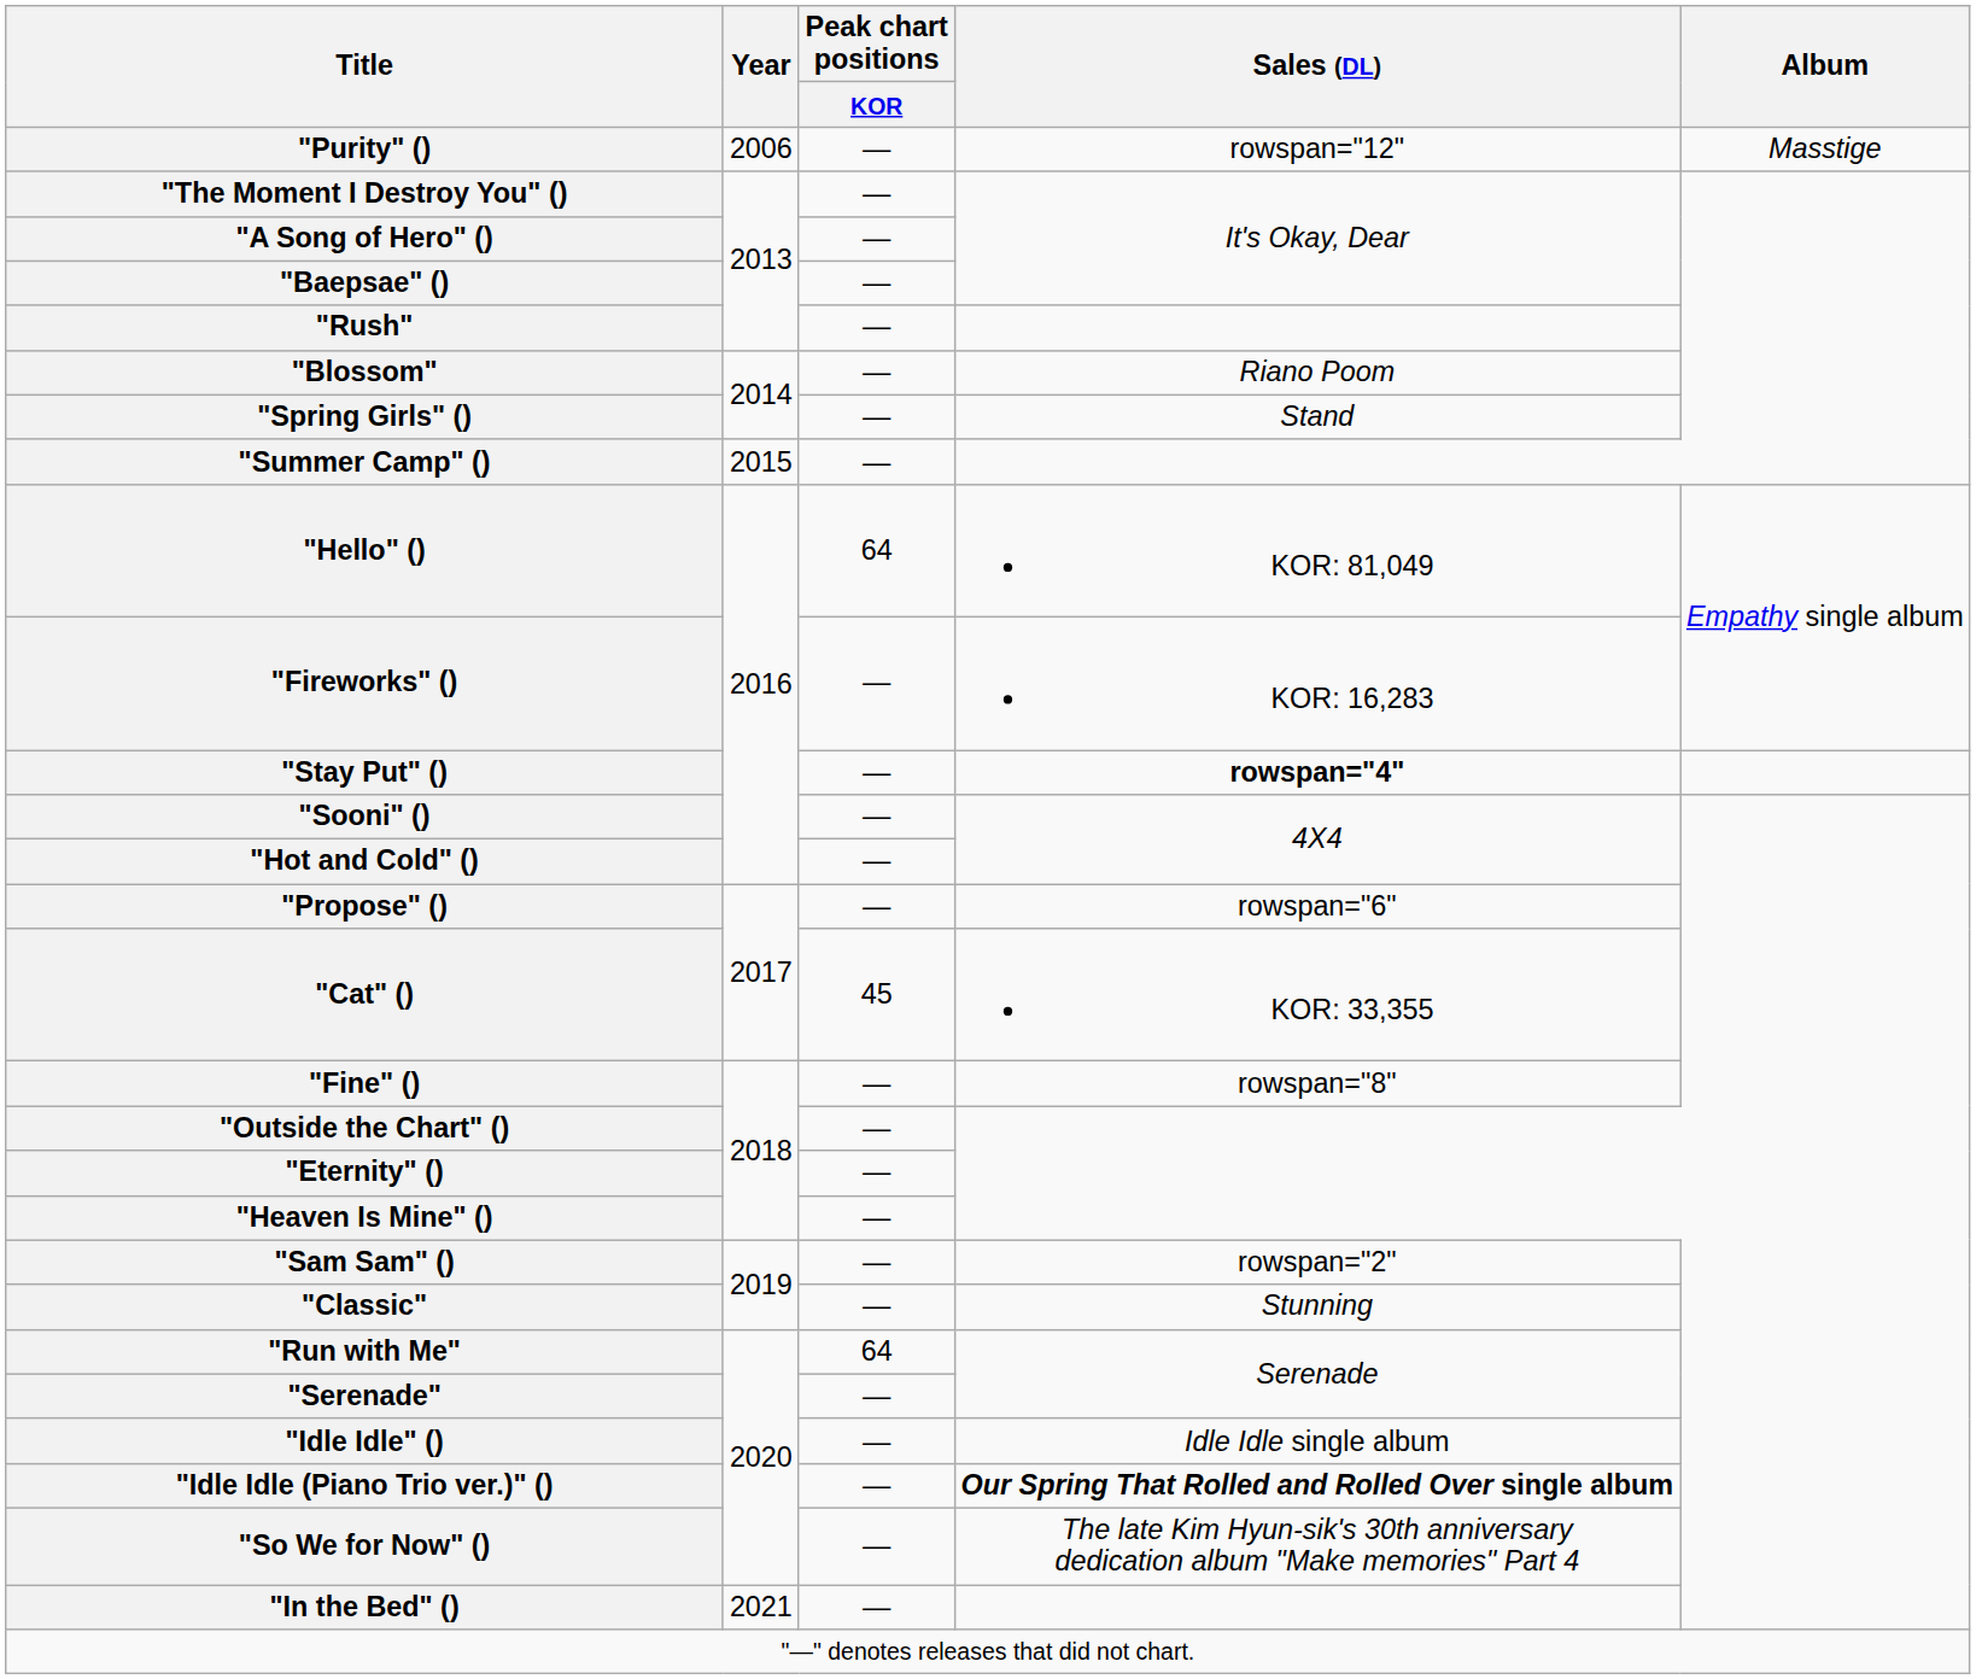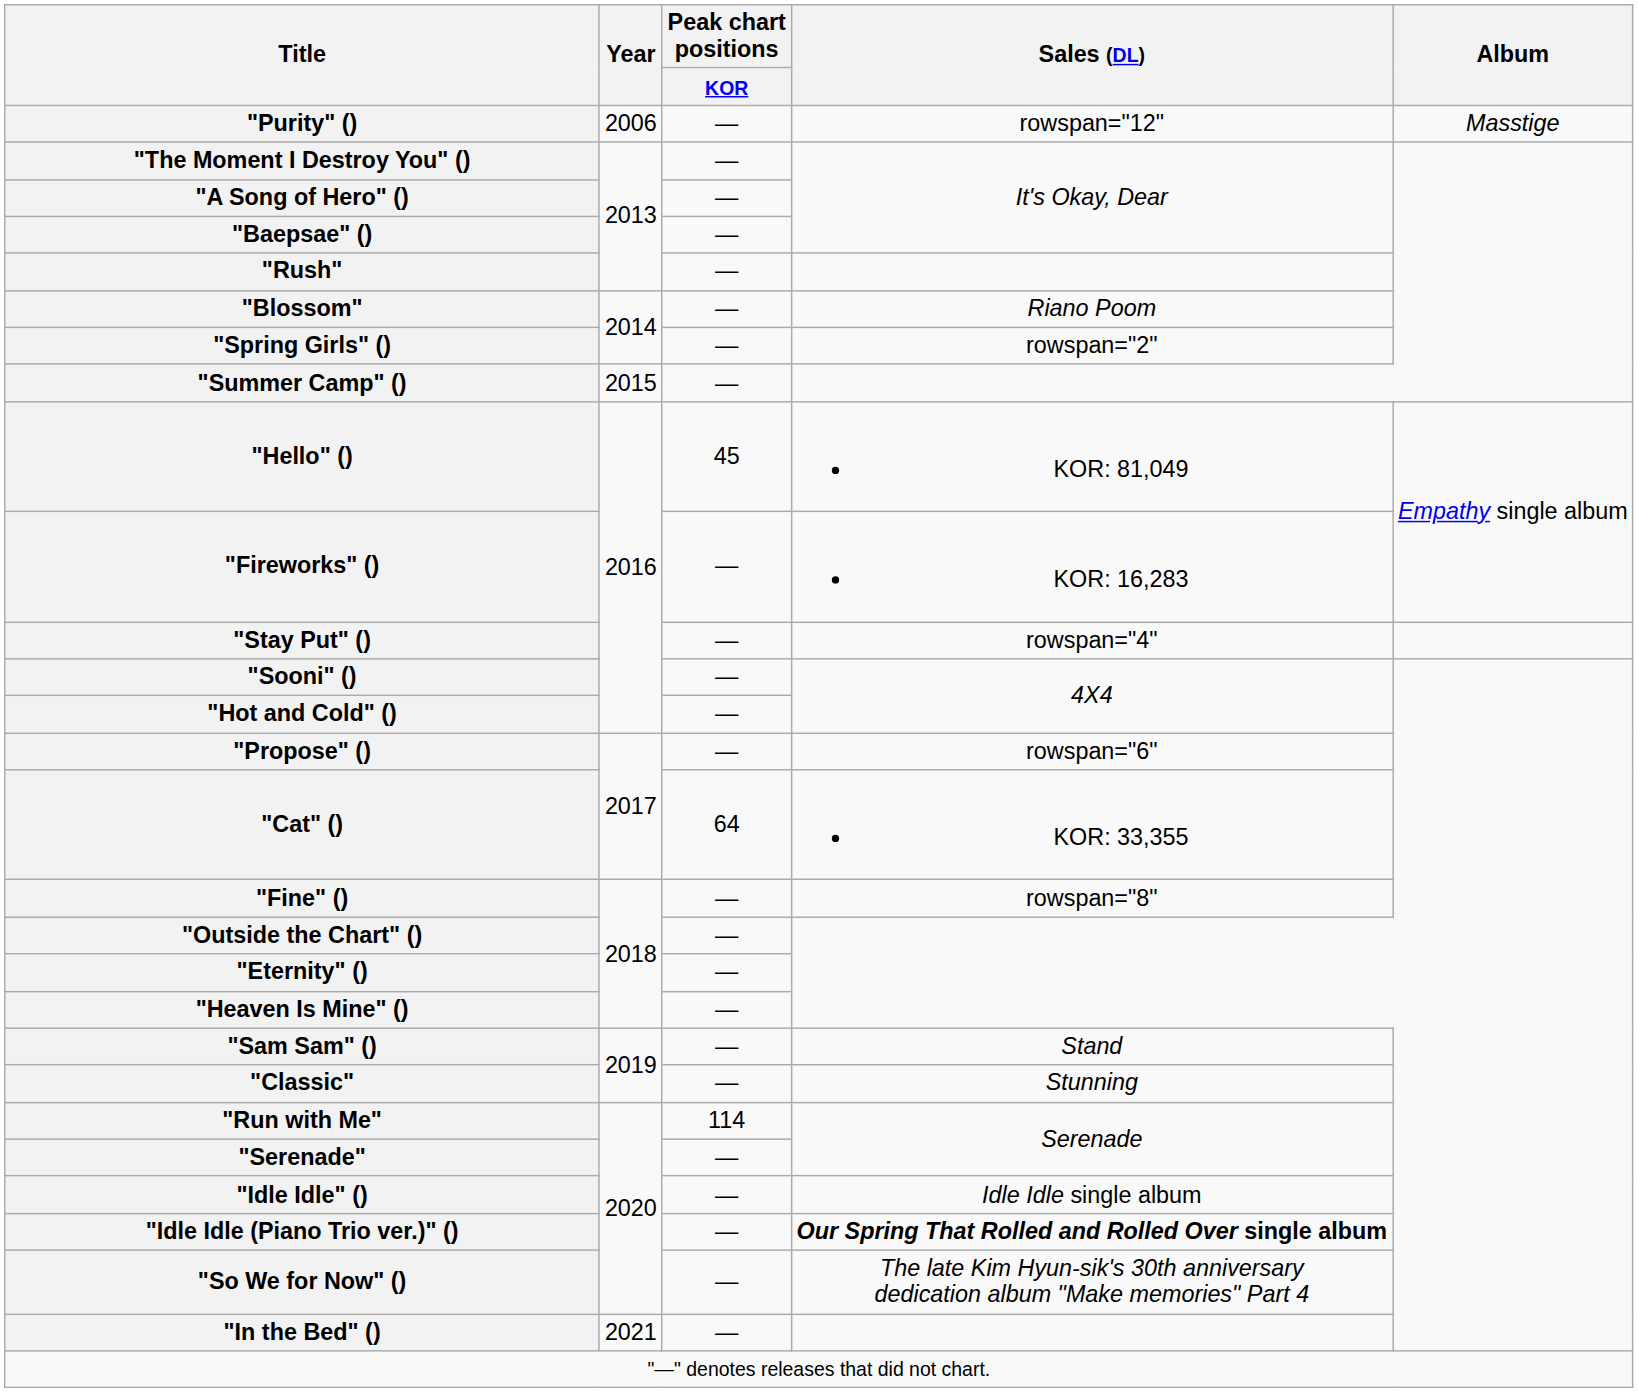 <table class="wikitable plainrowheaders" style="text-align:center;">
 <tr>
 <th scope="col" rowspan="2" style="width:25em;">Title</th>
 <th scope="col" rowspan="2">Year</th>
 <th scope="col" colspan="1">Peak chart <br> positions</th>
 <th scope="col" rowspan="2">Sales <small>(<a href='#'>DL</a>)</small></th>
 <th scope="col" rowspan="2">Album</th>
 </tr>
 <tr>
 <th><small><a href='#'>KOR</a></small><br></th>
 </tr>
 <tr>
 <th scope="row">"Purity" ()</th>
 <td>2006</td>
 <td>—</td>
 <td>rowspan="12" </td>
 <td><em>Masstige</em></td>
 </tr>
 <tr>
 <th scope="row">"The Moment I Destroy You" ()</th>
 <td rowspan="4">2013</td>
 <td>—</td>
 <td rowspan="3"><em>It's Okay, Dear</em></td>
 </tr>
 <tr>
 <th scope="row">"A Song of Hero" ()</th>
 <td>—</td>
 </tr>
 <tr>
 <th scope="row">"Baepsae" ()</th>
 <td>—</td>
 </tr>
 <tr>
 <th scope="row">"Rush"<br></th>
 <td>—</td>
 <td></td>
 </tr>
 <tr>
 <th scope="row">"Blossom"<br></th>
 <td rowspan="2">2014</td>
 <td>—</td>
 <td><em>Riano Poom</em></td>
 </tr>
 <tr>
 <th scope="row">"Spring Girls" ()</th>
 <td>—</td>
-<td><em>Stand</em></td>
+<td>rowspan="2" </td>
 </tr>
 <tr>
 <th scope="row">"Summer Camp" ()<br></th>
 <td>2015</td>
 <td>—</td>
 </tr>
 <tr>
 <th scope="row">"Hello" ()<br></th>
 <td rowspan="5">2016</td>
-<td>64</td>
+<td>45</td>
 <td><br><ul><li>KOR: 81,049</li></ul></td>
 <td rowspan="2"><em><a href='#'>Empathy</a></em> single album</td>
 </tr>
 <tr>
 <th scope="row">"Fireworks" ()<br></th>
 <td>—</td>
 <td><br><ul><li>KOR: 16,283</li></ul></td>
 </tr>
 <tr>
 <th scope="row">"Stay Put" ()</th>
 <td>—</td>
-<td><strong>rowspan="4" </strong></td>
+<td>rowspan="4" </td>
 <td></td>
 </tr>
 <tr>
 <th scope="row">"Sooni" ()</th>
 <td>—</td>
 <td rowspan="2"><em>4X4</em></td>
 </tr>
 <tr>
 <th scope="row">"Hot and Cold" ()<br></th>
 <td>—</td>
 </tr>
 <tr>
 <th scope="row">"Propose" ()</th>
 <td rowspan="2">2017</td>
 <td>—</td>
 <td>rowspan="6" </td>
 </tr>
 <tr>
 <th scope="row">"Cat" ()<br></th>
-<td>45</td>
+<td>64</td>
 <td><br><ul><li>KOR: 33,355</li></ul></td>
 </tr>
 <tr>
 <th scope="row">"Fine" ()</th>
 <td rowspan="4">2018</td>
 <td>—</td>
 <td>rowspan="8" </td>
 </tr>
 <tr>
 <th scope="row">"Outside the Chart" ()<br></th>
 <td>—</td>
 </tr>
 <tr>
 <th scope="row">"Eternity" ()</th>
 <td>—</td>
 </tr>
 <tr>
 <th scope="row">"Heaven Is Mine" ()</th>
 <td>—</td>
 </tr>
 <tr>
 <th scope="row">"Sam Sam" ()</th>
 <td rowspan="2">2019</td>
 <td>—</td>
-<td>rowspan="2" </td>
+<td><em>Stand</em></td>
 </tr>
 <tr>
 <th scope="row">"Classic"</th>
 <td>—</td>
 <td><em>Stunning</em></td>
 </tr>
 <tr>
 <th scope="row">"Run with Me"</th>
 <td rowspan="5">2020</td>
-<td>64</td>
+<td>114</td>
 <td rowspan="2"><em>Serenade</em></td>
 </tr>
 <tr>
 <th scope="row">"Serenade"</th>
 <td>—</td>
 </tr>
 <tr>
 <th scope="row">"Idle Idle" ()</th>
 <td>—</td>
 <td><em>Idle Idle</em> single album</td>
 </tr>
 <tr>
 <th scope="row">"Idle Idle (Piano Trio ver.)" ()</th>
 <td>—</td>
 <td><strong><em>Our Spring That Rolled and Rolled Over</em> single album</strong></td>
 </tr>
 <tr>
 <th scope="row">"So We for Now" ()</th>
 <td>—</td>
 <td><em>The late Kim Hyun-sik's 30th anniversary<br>dedication album "Make memories" Part 4</em></td>
 </tr>
 <tr>
 <th scope="row">"In the Bed" ()</th>
 <td>2021</td>
 <td>—</td>
 <td></td>
 </tr>
 <tr>
 <td colspan="5"><small>"—" denotes releases that did not chart.</small></td>
 </tr>
 </table>
